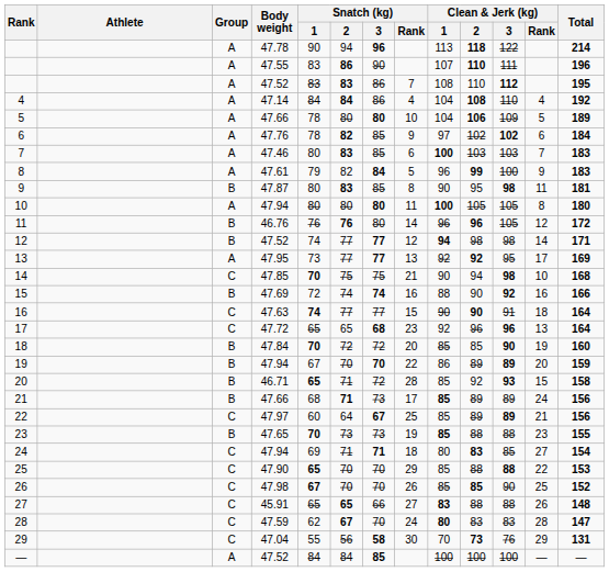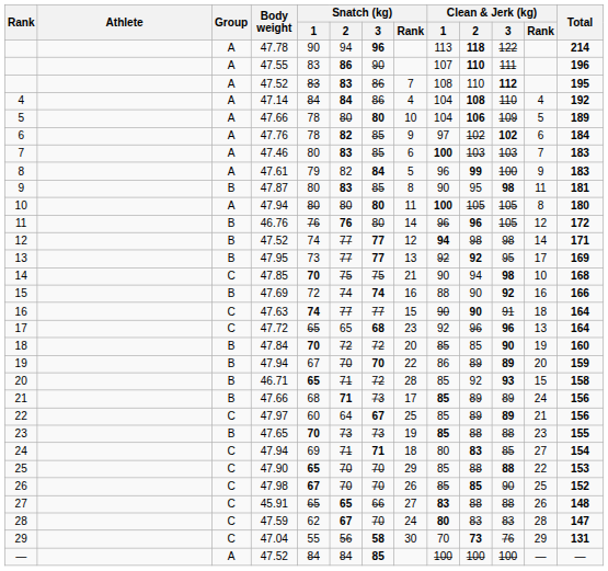 <table class = "wikitable" style="text-align:center;">
 <tr>
 <th rowspan=2 width=40>Rank</th>
 <th rowspan=2 width=250>Athlete</th>
 <th rowspan=2 width=50>Group</th>
 <th rowspan=2 width=60>Body weight</th>
 <th colspan=4>Snatch (kg)</th>
 <th colspan=4>Clean & Jerk (kg)</th>
 <th rowspan=2 width=60>Total</th>
 </tr>
 <tr>
 <th width=40>1</th>
 <th width=40>2</th>
 <th width=40>3</th>
 <th width=40>Rank</th>
 <th width=40>1</th>
 <th width=40>2</th>
 <th width=40>3</th>
 <th width=40>Rank</th>
 </tr>
 <tr>
 <td></td>
 <td align=left></td>
 <td>A</td>
 <td>47.78</td>
 <td>90</td>
 <td>94</td>
 <td><strong>96</strong></td>
 <td></td>
 <td>113</td>
 <td><strong>118</strong></td>
 <td><s>122</s></td>
 <td></td>
 <td><strong>214</strong></td>
 </tr>
 <tr>
 <td></td>
 <td align=left></td>
 <td>A</td>
 <td>47.55</td>
 <td>83</td>
 <td><strong>86</strong></td>
 <td><s>90</s></td>
 <td></td>
 <td>107</td>
 <td><strong>110</strong></td>
 <td><s>111</s></td>
 <td></td>
 <td><strong>196</strong></td>
 </tr>
 <tr>
 <td></td>
 <td align=left></td>
 <td>A</td>
 <td>47.52</td>
 <td><s>83</s></td>
 <td><strong>83</strong></td>
 <td><s>86</s></td>
 <td>7</td>
 <td>108</td>
 <td>110</td>
 <td><strong>112</strong></td>
 <td></td>
 <td><strong>195</strong></td>
 </tr>
 <tr>
 <td>4</td>
 <td align=left></td>
 <td>A</td>
 <td>47.14</td>
 <td><s>84</s></td>
 <td><strong>84</strong></td>
 <td><s>86</s></td>
 <td>4</td>
 <td>104</td>
 <td><strong>108</strong></td>
 <td><s>110</s></td>
 <td>4</td>
 <td><strong>192</strong></td>
 </tr>
 <tr>
 <td>5</td>
 <td align=left></td>
 <td>A</td>
 <td>47.66</td>
 <td>78</td>
 <td><s>80</s></td>
 <td><strong>80</strong></td>
 <td>10</td>
 <td>104</td>
 <td><strong>106</strong></td>
 <td><s>109</s></td>
 <td>5</td>
 <td><strong>189</strong></td>
 </tr>
 <tr>
 <td>6</td>
 <td align=left></td>
 <td>A</td>
 <td>47.76</td>
 <td>78</td>
 <td><strong>82</strong></td>
 <td><s>85</s></td>
 <td>9</td>
 <td>97</td>
 <td><s>102</s></td>
 <td><strong>102</strong></td>
 <td>6</td>
 <td><strong>184</strong></td>
 </tr>
 <tr>
 <td>7</td>
 <td align=left></td>
 <td>A</td>
 <td>47.46</td>
 <td>80</td>
 <td><strong>83</strong></td>
 <td><s>85</s></td>
 <td>6</td>
 <td><strong>100</strong></td>
 <td><s>103</s></td>
 <td><s>103</s></td>
 <td>7</td>
 <td><strong>183</strong></td>
 </tr>
 <tr>
 <td>8</td>
 <td align=left></td>
 <td>A</td>
 <td>47.61</td>
 <td>79</td>
 <td>82</td>
 <td><strong>84</strong></td>
 <td>5</td>
 <td>96</td>
 <td><strong>99</strong></td>
 <td><s>100</s></td>
 <td>9</td>
 <td><strong>183</strong></td>
 </tr>
 <tr>
 <td>9</td>
 <td align=left></td>
 <td>B</td>
 <td>47.87</td>
 <td>80</td>
 <td><strong>83</strong></td>
 <td><s>85</s></td>
 <td>8</td>
 <td>90</td>
 <td>95</td>
 <td><strong>98</strong></td>
 <td>11</td>
 <td><strong>181</strong></td>
 </tr>
 <tr>
 <td>10</td>
 <td align=left></td>
 <td>A</td>
 <td>47.94</td>
 <td><s>80</s></td>
 <td><s>80</s></td>
 <td><strong>80</strong></td>
 <td>11</td>
 <td><strong>100</strong></td>
 <td><s>105</s></td>
 <td><s>105</s></td>
 <td>8</td>
 <td><strong>180</strong></td>
 </tr>
 <tr>
 <td>11</td>
 <td align=left></td>
 <td>B</td>
 <td>46.76</td>
 <td><s>76</s></td>
 <td><strong>76</strong></td>
 <td><s>80</s></td>
 <td>14</td>
 <td><s>96</s></td>
 <td><strong>96</strong></td>
 <td><s>105</s></td>
 <td>12</td>
 <td><strong>172</strong></td>
 </tr>
 <tr>
 <td>12</td>
 <td align=left></td>
 <td>B</td>
 <td>47.52</td>
 <td>74</td>
 <td><s>77</s></td>
 <td><strong>77</strong></td>
 <td>12</td>
 <td><strong>94</strong></td>
 <td><s>98</s></td>
 <td><s>98</s></td>
 <td>14</td>
 <td><strong>171</strong></td>
 </tr>
 <tr>
 <td>13</td>
 <td align=left></td>
-<td>A</td>
+<td>B</td>
 <td>47.95</td>
 <td>73</td>
 <td><s>77</s></td>
 <td><strong>77</strong></td>
 <td>13</td>
 <td><s>92</s></td>
 <td><strong>92</strong></td>
 <td><s>95</s></td>
 <td>17</td>
 <td><strong>169</strong></td>
 </tr>
 <tr>
 <td>14</td>
 <td align=left></td>
 <td>C</td>
 <td>47.85</td>
 <td><strong>70</strong></td>
 <td><s>75</s></td>
 <td><s>75</s></td>
 <td>21</td>
 <td>90</td>
 <td>94</td>
 <td><strong>98</strong></td>
 <td>10</td>
 <td><strong>168</strong></td>
 </tr>
 <tr>
 <td>15</td>
 <td align=left></td>
 <td>B</td>
 <td>47.69</td>
 <td>72</td>
 <td><s>74</s></td>
 <td><strong>74</strong></td>
 <td>16</td>
 <td>88</td>
 <td>90</td>
 <td><strong>92</strong></td>
 <td>16</td>
 <td><strong>166</strong></td>
 </tr>
 <tr>
 <td>16</td>
 <td align=left></td>
 <td>C</td>
 <td>47.63</td>
 <td><strong>74</strong></td>
 <td><s>77</s></td>
 <td><s>77</s></td>
 <td>15</td>
 <td><s>90</s></td>
 <td><strong>90</strong></td>
 <td><s>91</s></td>
 <td>18</td>
 <td><strong>164</strong></td>
 </tr>
 <tr>
 <td>17</td>
 <td align=left></td>
 <td>C</td>
 <td>47.72</td>
 <td><s>65</s></td>
 <td>65</td>
 <td><strong>68</strong></td>
 <td>23</td>
 <td>92</td>
 <td><s>96</s></td>
 <td><strong>96</strong></td>
 <td>13</td>
 <td><strong>164</strong></td>
 </tr>
 <tr>
 <td>18</td>
 <td align=left></td>
 <td>B</td>
 <td>47.84</td>
 <td><strong>70</strong></td>
 <td><s>72</s></td>
 <td><s>72</s></td>
 <td>20</td>
 <td><s>85</s></td>
 <td>85</td>
 <td><strong>90</strong></td>
 <td>19</td>
 <td><strong>160</strong></td>
 </tr>
 <tr>
 <td>19</td>
 <td align=left></td>
 <td>B</td>
 <td>47.94</td>
 <td>67</td>
 <td><s>70</s></td>
 <td><strong>70</strong></td>
 <td>22</td>
 <td>86</td>
 <td><s>89</s></td>
 <td><strong>89</strong></td>
 <td>20</td>
 <td><strong>159</strong></td>
 </tr>
 <tr>
 <td>20</td>
 <td align=left></td>
 <td>B</td>
 <td>46.71</td>
 <td><strong>65</strong></td>
 <td><s>71</s></td>
 <td><s>72</s></td>
 <td>28</td>
 <td>85</td>
 <td>92</td>
 <td><strong>93</strong></td>
 <td>15</td>
 <td><strong>158</strong></td>
 </tr>
 <tr>
 <td>21</td>
 <td align=left></td>
 <td>B</td>
 <td>47.66</td>
 <td>68</td>
 <td><strong>71</strong></td>
 <td><s>73</s></td>
 <td>17</td>
 <td><strong>85</strong></td>
 <td><s>89</s></td>
 <td><s>89</s></td>
 <td>24</td>
 <td><strong>156</strong></td>
 </tr>
 <tr>
 <td>22</td>
 <td align=left></td>
 <td>C</td>
 <td>47.97</td>
 <td>60</td>
 <td>64</td>
 <td><strong>67</strong></td>
 <td>25</td>
 <td>85</td>
 <td><s>89</s></td>
 <td><strong>89</strong></td>
 <td>21</td>
 <td><strong>156</strong></td>
 </tr>
 <tr>
 <td>23</td>
 <td align=left></td>
 <td>B</td>
 <td>47.65</td>
 <td><strong>70</strong></td>
 <td><s>73</s></td>
 <td><s>73</s></td>
 <td>19</td>
 <td><strong>85</strong></td>
 <td><s>88</s></td>
 <td><s>88</s></td>
 <td>23</td>
 <td><strong>155</strong></td>
 </tr>
 <tr>
 <td>24</td>
 <td align=left></td>
 <td>C</td>
 <td>47.94</td>
 <td>69</td>
 <td><s>71</s></td>
 <td><strong>71</strong></td>
 <td>18</td>
 <td>80</td>
 <td><strong>83</strong></td>
 <td><s>85</s></td>
 <td>27</td>
 <td><strong>154</strong></td>
 </tr>
 <tr>
 <td>25</td>
 <td align=left></td>
 <td>C</td>
 <td>47.90</td>
 <td><strong>65</strong></td>
 <td><s>70</s></td>
 <td><s>70</s></td>
 <td>29</td>
 <td>85</td>
 <td><s>88</s></td>
 <td><strong>88</strong></td>
 <td>22</td>
 <td><strong>153</strong></td>
 </tr>
 <tr>
 <td>26</td>
 <td align=left></td>
 <td>C</td>
 <td>47.98</td>
 <td><strong>67</strong></td>
 <td><s>70</s></td>
 <td><s>70</s></td>
 <td>26</td>
 <td><s>85</s></td>
 <td><strong>85</strong></td>
 <td><s>90</s></td>
 <td>25</td>
 <td><strong>152</strong></td>
 </tr>
 <tr>
 <td>27</td>
 <td align=left></td>
 <td>C</td>
 <td>45.91</td>
 <td><s>65</s></td>
 <td><strong>65</strong></td>
 <td><s>66</s></td>
 <td>27</td>
 <td><strong>83</strong></td>
 <td><s>88</s></td>
 <td><s>88</s></td>
 <td>26</td>
 <td><strong>148</strong></td>
 </tr>
 <tr>
 <td>28</td>
 <td align=left></td>
 <td>C</td>
 <td>47.59</td>
 <td>62</td>
 <td><strong>67</strong></td>
 <td><s>70</s></td>
 <td>24</td>
 <td><strong>80</strong></td>
 <td><s>83</s></td>
 <td><s>83</s></td>
 <td>28</td>
 <td><strong>147</strong></td>
 </tr>
 <tr>
 <td>29</td>
 <td align=left></td>
 <td>C</td>
 <td>47.04</td>
 <td>55</td>
 <td><s>56</s></td>
 <td><strong>58</strong></td>
 <td>30</td>
 <td>70</td>
 <td><strong>73</strong></td>
 <td><s>76</s></td>
 <td>29</td>
 <td><strong>131</strong></td>
 </tr>
 <tr>
 <td>—</td>
 <td align=left></td>
 <td>A</td>
 <td>47.52</td>
 <td><s>84</s></td>
 <td><s>84</s></td>
 <td><strong>85</strong></td>
 <td></td>
 <td><s>100</s></td>
 <td><s>100</s></td>
 <td><s>100</s></td>
 <td>—</td>
 <td>—</td>
 </tr>
 </table>
